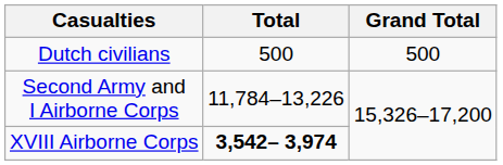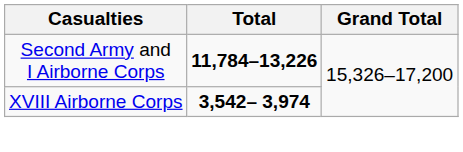 <table class="wikitable" align="center">
 <tr>
 <th>Casualties</th>
 <th>Total</th>
 <th>Grand Total</th>
 </tr>
 <tr>
-<td align="center"><a href='#'>Dutch civilians</a></td>
-<td align="center">500</td>
-<td align="center">500</td>
-</tr>
-<tr>
 <td align="center"><a href='#'>Second Army</a> and<br><a href='#'>I Airborne Corps</a></td>
-<td align="center">11,784–13,226</td>
+<td align="center"><strong>11,784–13,226</strong></td>
 <td align="center" rowspan="2">15,326–17,200</td>
 </tr>
 <tr>
 <td align="center"><a href='#'>XVIII Airborne Corps</a></td>
 <td align="center"><strong>3,542– 3,974</strong></td>
 </tr>
 </table>
